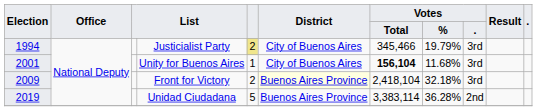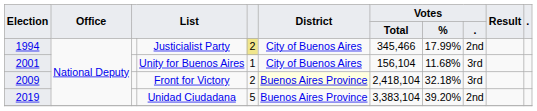 <table class="wikitable" style="font-size:90%; text-align:center;">
 <tr>
 <th style="background-color:#EAECF0;" rowspan=2>Election</th>
 <th style="background-color:#EAECF0;" rowspan=2>Office</th>
 <th style="background-color:#EAECF0;" colspan=2 rowspan=2>List</th>
 <th style="background-color:#EAECF0;" rowspan=2></th>
 <th style="background-color:#EAECF0;" rowspan=2>District</th>
 <th style="background-color:#EAECF0;" colspan=3>Votes</th>
 <th style="background-color:#EAECF0;" rowspan=2>Result</th>
 <th style="background-color:#EAECF0;" rowspan=2>.</th>
 </tr>
 <tr>
 <th style="background-color:#EAECF0;">Total</th>
 <th style="background-color:#EAECF0;">%</th>
 <th style="background-color:#EAECF0;">.</th>
 </tr>
 <tr>
 <td style="background-color:#EAECF0;"><a href='#'>1994</a></td>
 <td rowspan="4"><a href='#'>National Deputy</a></td>
 <td style="background-color:"></td>
 <td><a href='#'>Justicialist Party</a></td>
 <td style="background: khaki;">2</td>
 <td><a href='#'>City of Buenos Aires</a></td>
 <td>345,466</td>
-<td>19.79%</td>
-<td>3rd</td>
+<td>17.99%</td>
+<td>2nd</td>
 <td></td>
 <td></td>
 </tr>
 <tr>
 <td style="background-color:#EAECF0;"><a href='#'>2001</a></td>
 <td style="background-color:"></td>
 <td><a href='#'>Unity for Buenos Aires</a></td>
 <td>1</td>
 <td><a href='#'>City of Buenos Aires</a></td>
-<td><strong>156,104</strong></td>
+<td>156,104</td>
 <td>11.68%</td>
 <td>3rd</td>
 <td></td>
 <td></td>
 </tr>
 <tr>
 <td style="background-color:#EAECF0;"><a href='#'>2009</a></td>
 <td style="background-color:"></td>
 <td><a href='#'>Front for Victory</a></td>
 <td>2</td>
 <td style="background: lightyellow;"><a href='#'>Buenos Aires Province</a></td>
 <td>2,418,104</td>
 <td>32.18%</td>
 <td>3rd</td>
 <td></td>
 <td></td>
 </tr>
 <tr>
 <td style="background-color:#EAECF0;"><a href='#'>2019</a></td>
 <td style="background-color:"></td>
 <td><a href='#'>Unidad Ciudadana</a></td>
 <td>5</td>
 <td><a href='#'>Buenos Aires Province</a></td>
-<td>3,383,114</td>
-<td>36.28%</td>
+<td>3,383,104</td>
+<td>39.20%</td>
 <td>2nd</td>
 <td></td>
 <td></td>
 </tr>
 <tr>
 </tr>
 </table>
